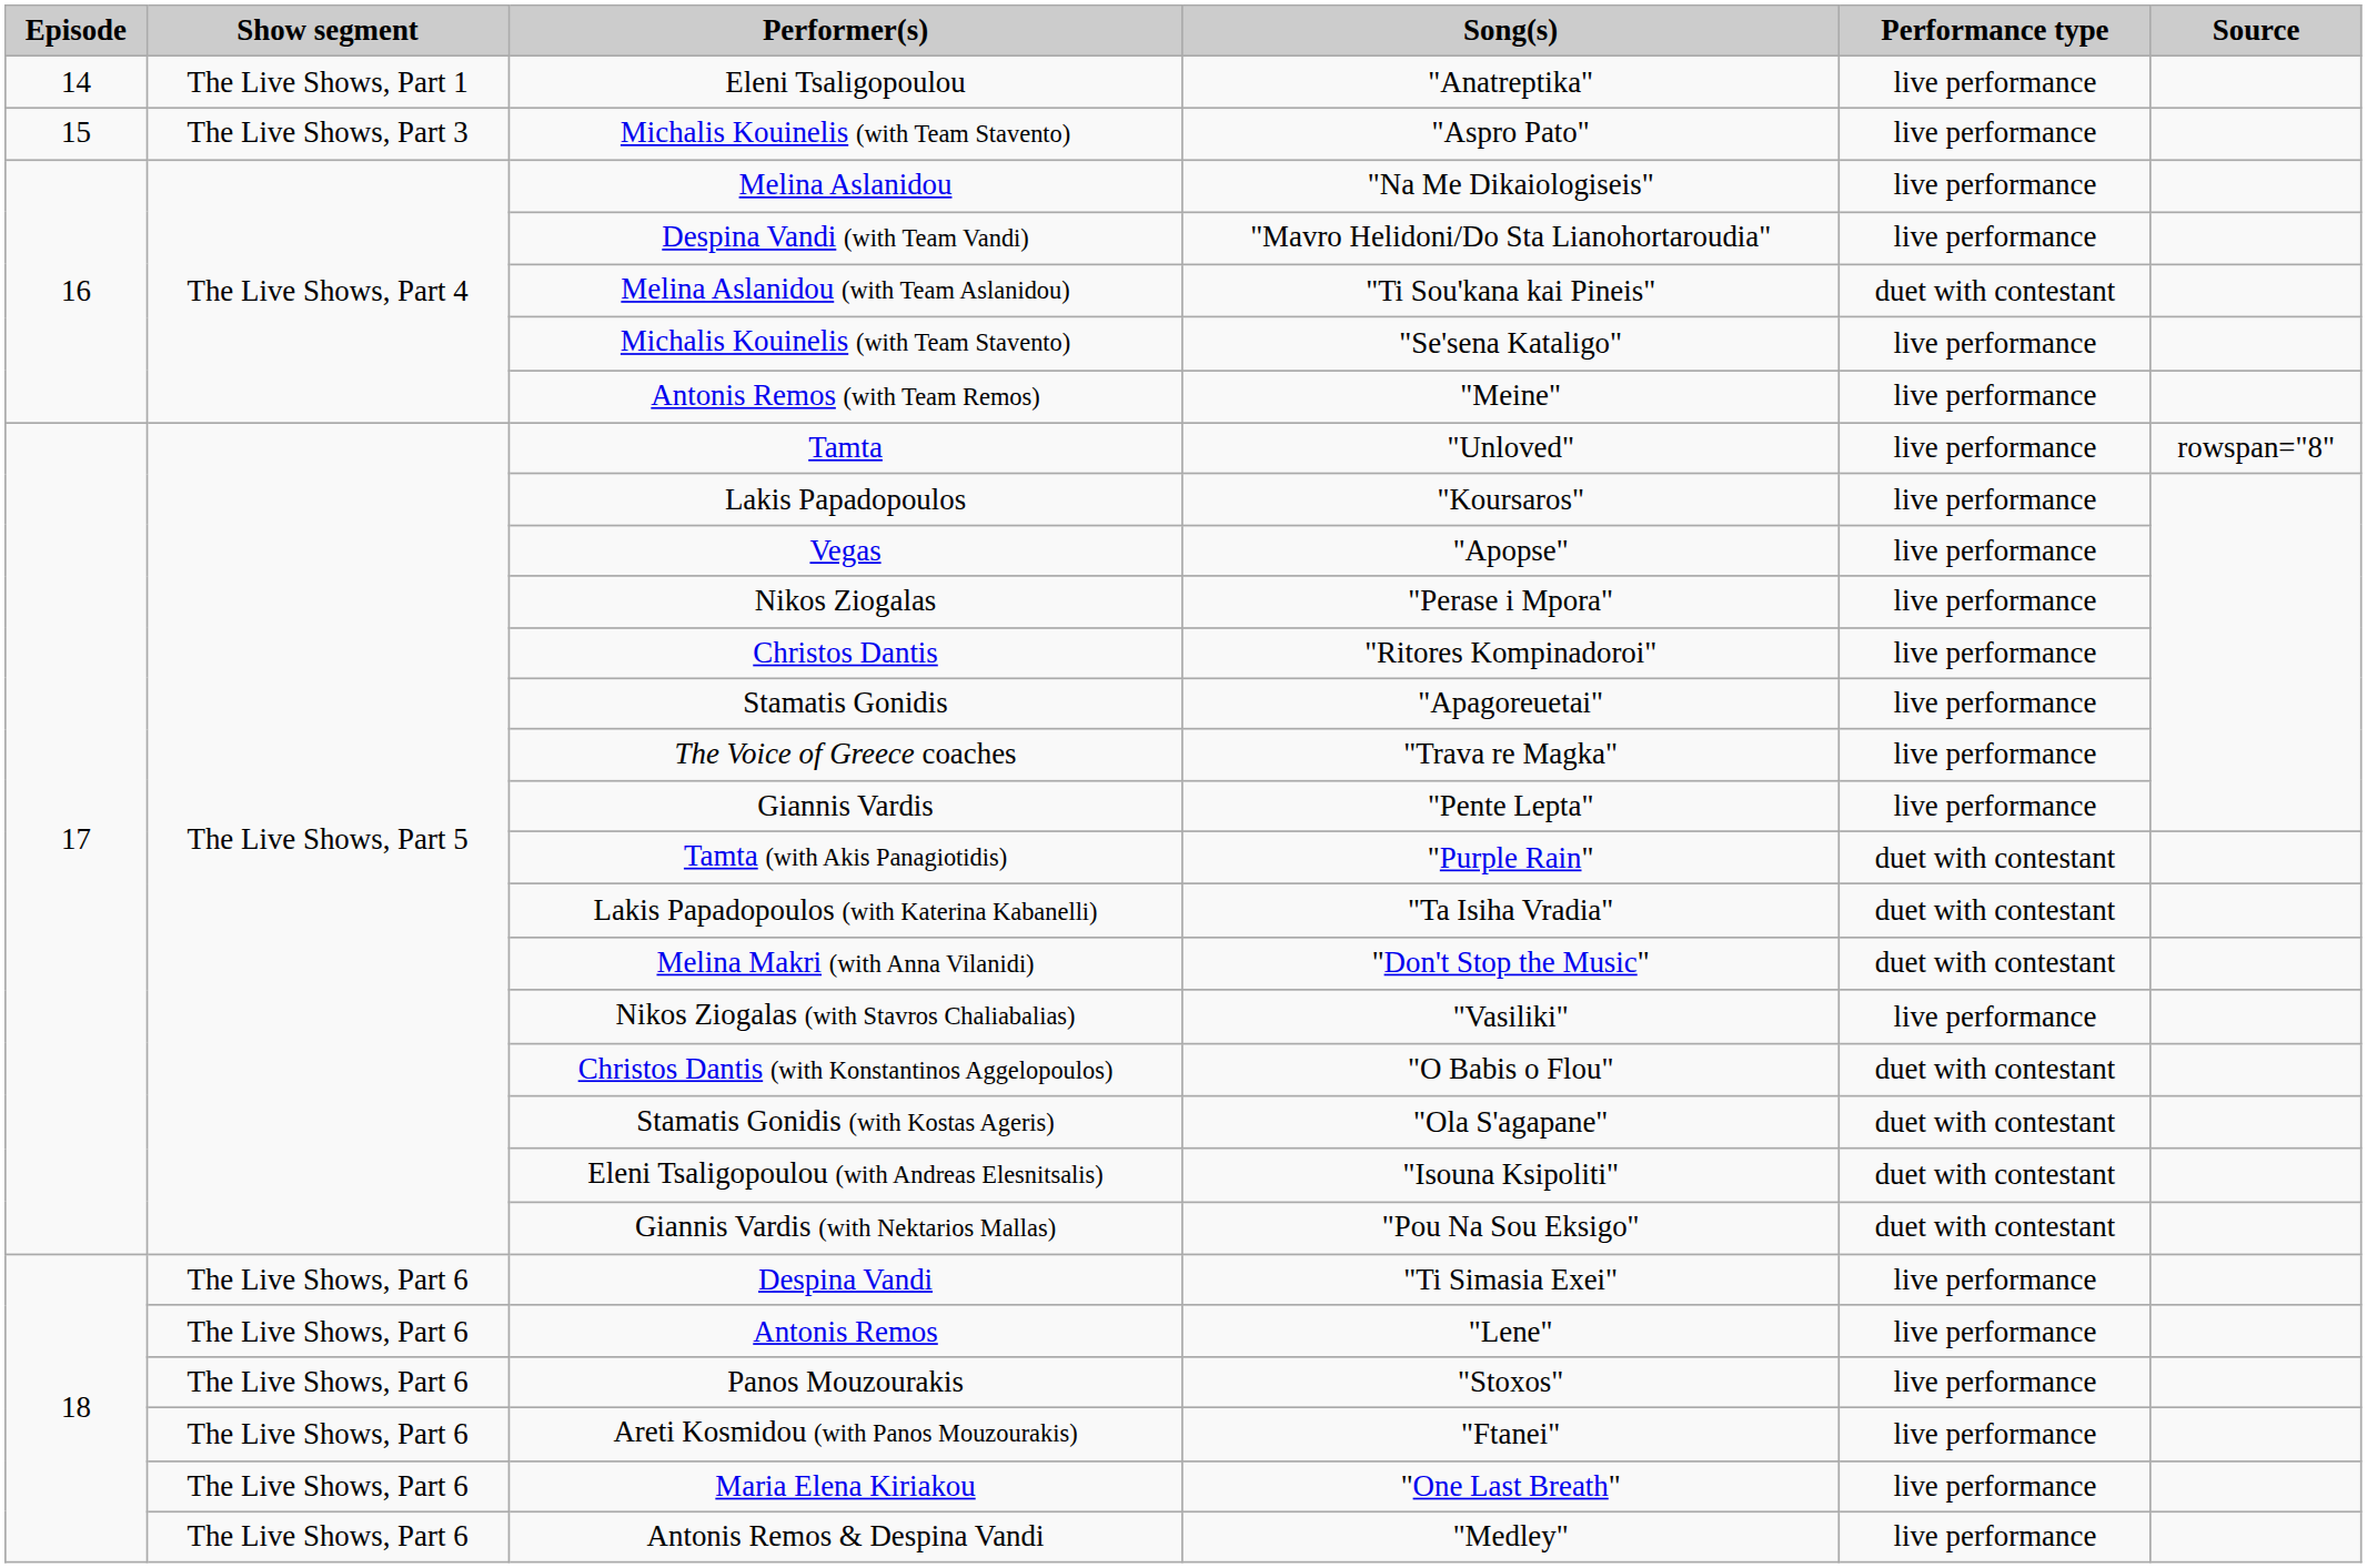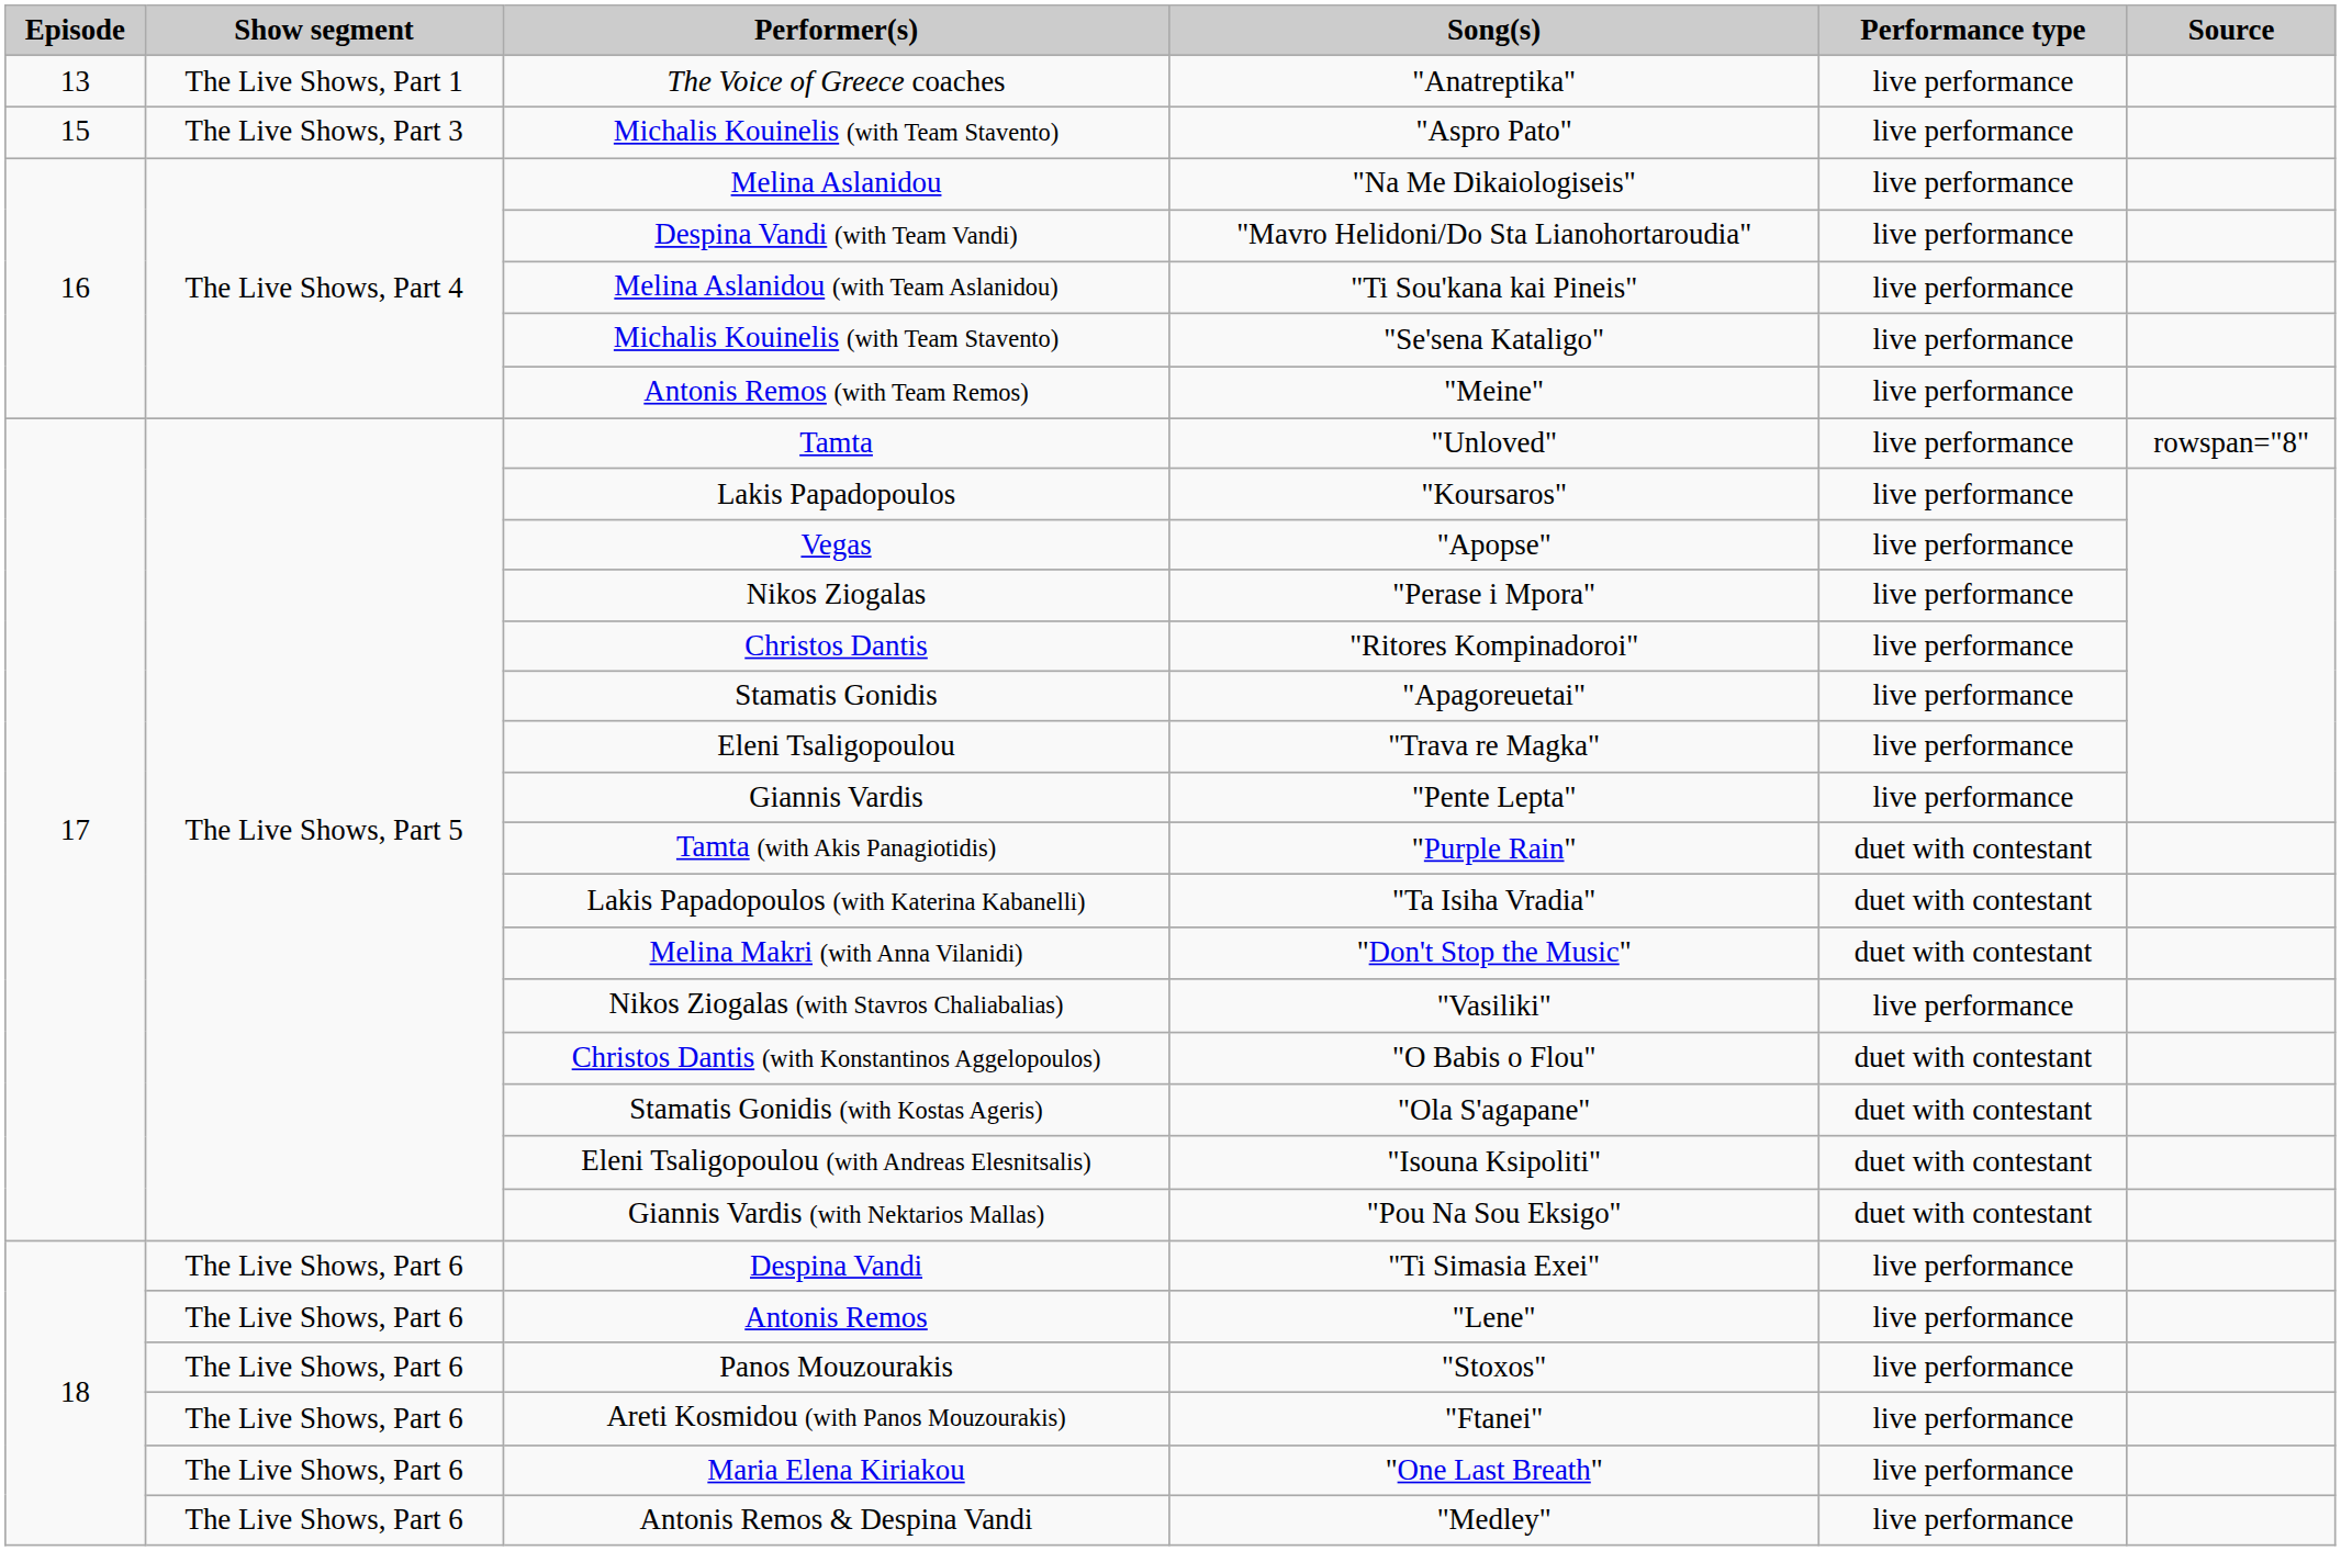 <table class="wikitable" style="text-align:center; background:#f9f9f9; line-height:20px;" width="100%">
 <tr>
 <th style="background:#ccc;">Episode</th>
 <th style="background:#ccc;">Show segment</th>
 <th style="background:#ccc;">Performer(s)</th>
 <th style="background:#ccc;">Song(s)</th>
 <th style="background:#ccc;">Performance type</th>
 <th style="background:#ccc;">Source</th>
 </tr>
 <tr>
-<td>14</td>
+<td>13</td>
 <td>The Live Shows, Part 1</td>
-<td>Eleni Tsaligopoulou</td>
+<td><em>The Voice of Greece</em> coaches</td>
 <td>"Anatreptika"</td>
 <td>live performance</td>
 <td></td>
 </tr>
 <tr>
 <td>15</td>
 <td>The Live Shows, Part 3</td>
 <td><a href='#'>Michalis Kouinelis</a> <small>(with Team Stavento)</small></td>
 <td>"Aspro Pato"</td>
 <td>live performance</td>
 <td></td>
 </tr>
 <tr>
 <td rowspan="5">16</td>
 <td rowspan="5">The Live Shows, Part 4</td>
 <td><a href='#'>Melina Aslanidou</a></td>
 <td>"Na Me Dikaiologiseis"</td>
 <td>live performance</td>
 <td></td>
 </tr>
 <tr>
 <td><a href='#'>Despina Vandi</a> <small>(with Team Vandi)</small></td>
 <td>"Mavro Helidoni/Do Sta Lianohortaroudia"</td>
 <td>live performance</td>
 <td></td>
 </tr>
 <tr>
 <td><a href='#'>Melina Aslanidou</a> <small>(with Team Aslanidou)</small></td>
 <td>"Ti Sou'kana kai Pineis"</td>
-<td>duet with contestant</td>
+<td>live performance</td>
 <td></td>
 </tr>
 <tr>
 <td><a href='#'>Michalis Kouinelis</a> <small>(with Team Stavento)</small></td>
 <td>"Se'sena Kataligo"</td>
 <td>live performance</td>
 <td></td>
 </tr>
 <tr>
 <td><a href='#'>Antonis Remos</a> <small>(with Team Remos)</small></td>
 <td>"Meine"</td>
 <td>live performance</td>
 <td></td>
 </tr>
 <tr>
 <td rowspan="16">17</td>
 <td rowspan="16">The Live Shows, Part 5</td>
 <td><a href='#'>Tamta</a></td>
 <td>"Unloved"</td>
 <td>live performance</td>
 <td>rowspan="8" </td>
 </tr>
 <tr>
 <td>Lakis Papadopoulos</td>
 <td>"Koursaros"</td>
 <td>live performance</td>
 </tr>
 <tr>
 <td><a href='#'>Vegas</a></td>
 <td>"Apopse"</td>
 <td>live performance</td>
 </tr>
 <tr>
 <td>Nikos Ziogalas</td>
 <td>"Perase i Mpora"</td>
 <td>live performance</td>
 </tr>
 <tr>
 <td><a href='#'>Christos Dantis</a></td>
 <td>"Ritores Kompinadoroi"</td>
 <td>live performance</td>
 </tr>
 <tr>
 <td>Stamatis Gonidis</td>
 <td>"Apagoreuetai"</td>
 <td>live performance</td>
 </tr>
 <tr>
-<td><em>The Voice of Greece</em> coaches</td>
+<td>Eleni Tsaligopoulou</td>
 <td>"Trava re Magka"</td>
 <td>live performance</td>
 </tr>
 <tr>
 <td>Giannis Vardis</td>
 <td>"Pente Lepta"</td>
 <td>live performance</td>
 </tr>
 <tr>
 <td><a href='#'>Tamta</a> <small>(with Akis Panagiotidis)</small></td>
 <td>"<a href='#'>Purple Rain</a>"</td>
 <td>duet with contestant</td>
 <td></td>
 </tr>
 <tr>
 <td>Lakis Papadopoulos <small>(with Katerina Kabanelli)</small></td>
 <td>"Ta Isiha Vradia"</td>
 <td>duet with contestant</td>
 <td></td>
 </tr>
 <tr>
 <td><a href='#'>Melina Makri</a> <small>(with Anna Vilanidi)</small></td>
 <td>"<a href='#'>Don't Stop the Music</a>"</td>
 <td>duet with contestant</td>
 <td></td>
 </tr>
 <tr>
 <td>Nikos Ziogalas <small>(with Stavros Chaliabalias)</small></td>
 <td>"Vasiliki"</td>
 <td>live performance</td>
 <td></td>
 </tr>
 <tr>
 <td><a href='#'>Christos Dantis</a> <small>(with Konstantinos Aggelopoulos)</small></td>
 <td>"O Babis o Flou"</td>
 <td>duet with contestant</td>
 <td></td>
 </tr>
 <tr>
 <td>Stamatis Gonidis <small>(with Kostas Ageris)</small></td>
 <td>"Ola S'agapane"</td>
 <td>duet with contestant</td>
 <td></td>
 </tr>
 <tr>
 <td>Eleni Tsaligopoulou <small>(with Andreas Elesnitsalis)</small></td>
 <td>"Isouna Ksipoliti"</td>
 <td>duet with contestant</td>
 <td></td>
 </tr>
 <tr>
 <td>Giannis Vardis <small>(with Nektarios Mallas)</small></td>
 <td>"Pou Na Sou Eksigo"</td>
 <td>duet with contestant</td>
 <td></td>
 </tr>
 <tr>
 <td rowspan="6">18</td>
 <td>The Live Shows, Part 6</td>
 <td><a href='#'>Despina Vandi</a></td>
 <td>"Ti Simasia Exei"</td>
 <td>live performance</td>
 <td></td>
 </tr>
 <tr>
 <td>The Live Shows, Part 6</td>
 <td><a href='#'>Antonis Remos</a></td>
 <td>"Lene"</td>
 <td>live performance</td>
 <td></td>
 </tr>
 <tr>
 <td>The Live Shows, Part 6</td>
 <td>Panos Mouzourakis</td>
 <td>"Stoxos"</td>
 <td>live performance</td>
 <td></td>
 </tr>
 <tr>
 <td>The Live Shows, Part 6</td>
 <td>Areti Kosmidou <small>(with Panos Mouzourakis)</small></td>
 <td>"Ftanei"</td>
 <td>live performance</td>
 <td></td>
 </tr>
 <tr>
 <td>The Live Shows, Part 6</td>
 <td><a href='#'>Maria Elena Kiriakou</a></td>
 <td>"<a href='#'>One Last Breath</a>"</td>
 <td>live performance</td>
 <td></td>
 </tr>
 <tr>
 <td>The Live Shows, Part 6</td>
 <td>Antonis Remos & Despina Vandi</td>
 <td>"Medley"</td>
 <td>live performance</td>
 <td></td>
 </tr>
 </table>
